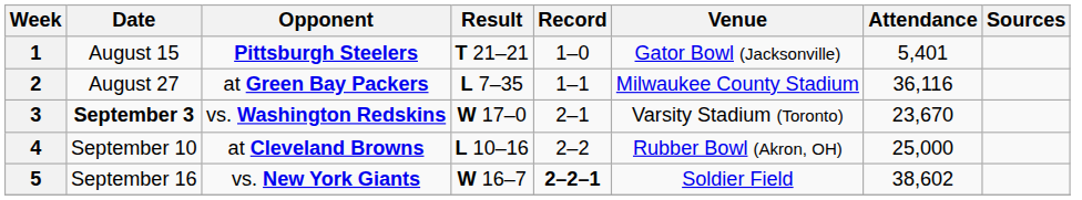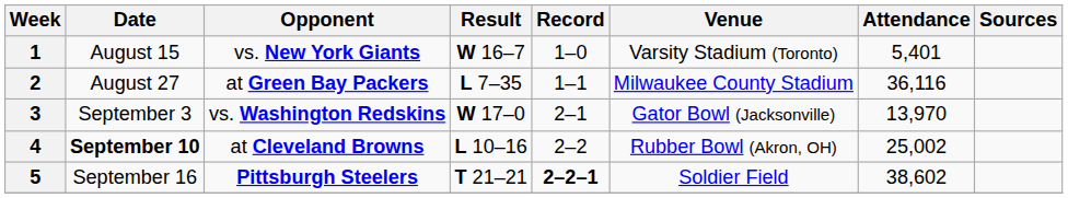 <table class="wikitable" style="text-align:center">
 <tr>
 <th>Week</th>
 <th>Date</th>
 <th>Opponent</th>
 <th>Result</th>
 <th>Record</th>
 <th>Venue</th>
 <th>Attendance</th>
 <th>Sources</th>
 </tr>
 <tr style=>
 <th>1</th>
 <td>August 15</td>
-<td><strong><a href='#'>Pittsburgh Steelers</a></strong></td>
-<td><strong>T</strong> 21–21</td>
+<td>vs. <strong><a href='#'>New York Giants</a></strong></td>
+<td><strong>W</strong> 16–7</td>
 <td>1–0</td>
-<td><a href='#'>Gator Bowl</a> <small>(Jacksonville)</small></td>
+<td>Varsity Stadium <small>(Toronto)</small></td>
 <td>5,401</td>
 <td></td>
 </tr>
 <tr style=>
 <th>2</th>
 <td>August 27</td>
 <td>at <strong><a href='#'>Green Bay Packers</a></strong></td>
 <td><strong>L</strong> 7–35</td>
 <td>1–1</td>
 <td><a href='#'>Milwaukee County Stadium</a></td>
 <td>36,116</td>
 <td></td>
 </tr>
 <tr style=>
 <th>3</th>
-<td><strong>September 3</strong></td>
+<td>September 3</td>
 <td>vs. <strong><a href='#'>Washington Redskins</a></strong></td>
 <td><strong>W</strong> 17–0</td>
 <td>2–1</td>
-<td>Varsity Stadium <small>(Toronto)</small></td>
-<td>23,670</td>
+<td><a href='#'>Gator Bowl</a> <small>(Jacksonville)</small></td>
+<td>13,970</td>
 <td></td>
 </tr>
 <tr style=>
 <th>4</th>
-<td>September 10</td>
+<td><strong>September 10</strong></td>
 <td>at <strong><a href='#'>Cleveland Browns</a></strong></td>
 <td><strong>L</strong> 10–16</td>
 <td>2–2</td>
 <td><a href='#'>Rubber Bowl</a> <small>(Akron, OH)</small></td>
-<td>25,000</td>
+<td>25,002</td>
 <td></td>
 </tr>
 <tr style=>
 <th>5</th>
 <td>September 16</td>
-<td>vs. <strong><a href='#'>New York Giants</a></strong></td>
-<td><strong>W</strong> 16–7</td>
+<td><strong><a href='#'>Pittsburgh Steelers</a></strong></td>
+<td><strong>T</strong> 21–21</td>
 <td><strong>2–2–1</strong></td>
 <td><a href='#'>Soldier Field</a></td>
 <td>38,602</td>
 <td></td>
 </tr>
 <tr>
 </tr>
 </table>
